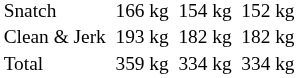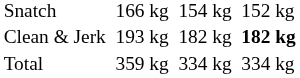 <table>
 <tr>
 <td>Snatch</td>
 <td></td>
 <td>166 kg</td>
 <td></td>
 <td>154 kg</td>
 <td></td>
 <td>152 kg</td>
 </tr>
 <tr>
 <td>Clean & Jerk</td>
 <td></td>
 <td>193 kg</td>
 <td></td>
 <td>182 kg</td>
 <td></td>
-<td>182 kg</td>
+<td><strong>182 kg</strong></td>
 </tr>
 <tr>
 <td>Total</td>
 <td></td>
 <td>359 kg</td>
 <td></td>
 <td>334 kg</td>
 <td></td>
 <td>334 kg</td>
 </tr>
 </table>
